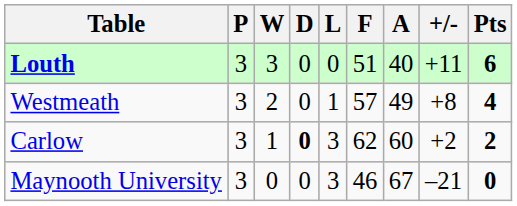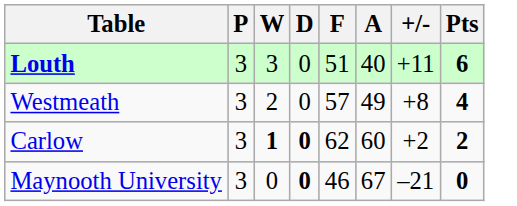 <table class="wikitable">
 <tr>
 <th>Table</th>
 <th>P</th>
 <th>W</th>
 <th>D</th>
-<th>L</th>
 <th>F</th>
 <th>A</th>
 <th>+/-</th>
 <th>Pts</th>
 </tr>
 <tr style="text-align:Center; background:#cfc;">
 <td align=left> <strong><a href='#'>Louth</a></strong></td>
 <td>3</td>
 <td>3</td>
-<td>0</td>
 <td>0</td>
 <td>51</td>
 <td>40</td>
 <td>+11</td>
 <td><strong>6</strong></td>
 </tr>
 <tr style="text-align:Center;">
 <td align=left> <a href='#'>Westmeath</a></td>
 <td>3</td>
 <td>2</td>
 <td>0</td>
-<td>1</td>
 <td>57</td>
 <td>49</td>
 <td>+8</td>
 <td><strong>4</strong></td>
 </tr>
 <tr style="text-align:Center;">
 <td align=left> <a href='#'>Carlow</a></td>
 <td>3</td>
-<td>1</td>
+<td><strong>1</strong></td>
 <td><strong>0</strong></td>
-<td>3</td>
 <td>62</td>
 <td>60</td>
 <td>+2</td>
 <td><strong>2</strong></td>
 </tr>
 <tr style="text-align:Center;">
 <td align=left> <a href='#'>Maynooth University</a></td>
 <td>3</td>
 <td>0</td>
-<td>0</td>
-<td>3</td>
+<td><strong>0</strong></td>
 <td>46</td>
 <td>67</td>
 <td>–21</td>
 <td><strong>0</strong></td>
 </tr>
 </table>
